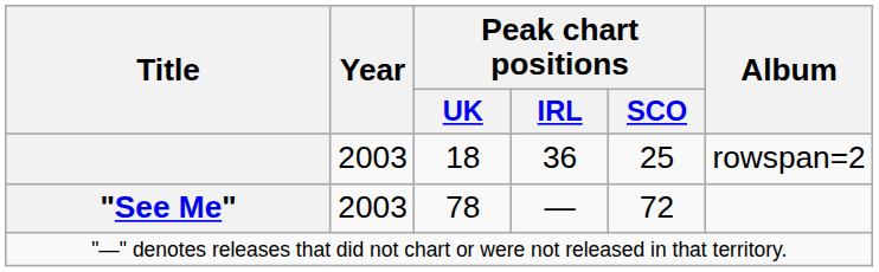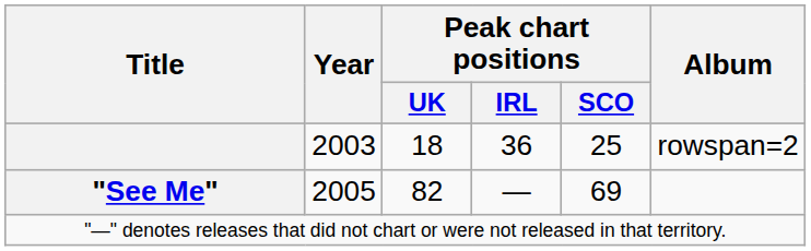 <table class="wikitable plainrowheaders" style="text-align:center;">
 <tr>
 <th scope="col" rowspan="2" style="width:10em;">Title</th>
 <th scope="col" rowspan="2">Year</th>
 <th scope="col" colspan="3">Peak chart positions</th>
 <th scope="col" rowspan="2">Album</th>
 </tr>
 <tr>
 <th scope="col" style="width:3em;font-size:90%;"><a href='#'>UK</a><br></th>
 <th scope="col" style="width:3em;font-size:90%;"><a href='#'>IRL</a><br></th>
 <th scope="col" style="width:3em;font-size:90%;"><a href='#'>SCO</a><br></th>
 </tr>
 <tr>
 <th scope="row"></th>
 <td>2003</td>
 <td>18</td>
 <td>36</td>
 <td>25</td>
 <td>rowspan=2 </td>
 </tr>
 <tr>
 <th scope="row">"<a href='#'>See Me</a>"</th>
-<td>2003</td>
-<td>78</td>
+<td>2005</td>
+<td>82</td>
 <td>—</td>
-<td>72</td>
+<td>69</td>
 </tr>
 <tr>
 <td colspan="15" style="text-align:center; font-size:8pt;">"—" denotes releases that did not chart or were not released in that territory.</td>
 </tr>
 </table>
